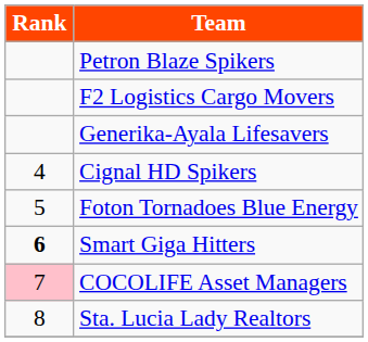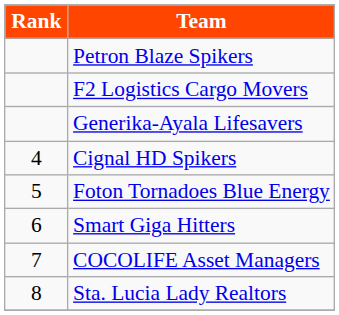 <table class="wikitable" style="text-align: center;">
 <tr>
 <th width=40 style="background:#FF4500; color:#FFFFFF;">Rank</th>
 <th style="background:#FF4500; color:#FFFFFF;">Team</th>
 </tr>
 <tr>
 <td></td>
 <td style="text-align: left;"><a href='#'>Petron Blaze Spikers</a></td>
 </tr>
 <tr>
 <td></td>
 <td style="text-align: left;"><a href='#'>F2 Logistics Cargo Movers</a></td>
 </tr>
 <tr>
 <td></td>
 <td style="text-align: left;"> <a href='#'>Generika-Ayala Lifesavers</a></td>
 </tr>
 <tr>
 <td>4</td>
 <td style="text-align: left;”"> <a href='#'>Cignal HD Spikers</a></td>
 </tr>
 <tr>
 <td>5</td>
 <td style="text-align: left;"> <a href='#'>Foton Tornadoes Blue Energy</a></td>
 </tr>
 <tr>
-<td><strong>6</strong></td>
+<td>6</td>
 <td style="text-align: left;"><a href='#'>Smart Giga Hitters</a></td>
 </tr>
 <tr>
-<td style="background: pink;">7</td>
+<td>7</td>
 <td style="text-align: left;"> <a href='#'>COCOLIFE Asset Managers</a></td>
 </tr>
 <tr>
 <td>8</td>
 <td style="text-align: left;"> <a href='#'>Sta. Lucia Lady Realtors</a></td>
 </tr>
 <tr>
 </tr>
 </table>
